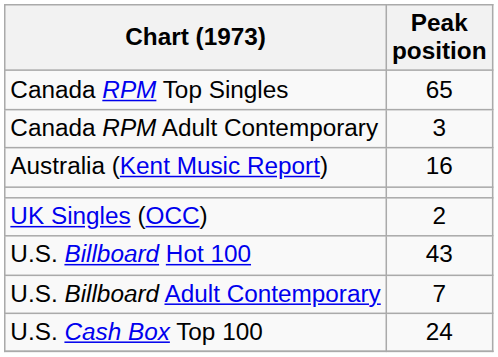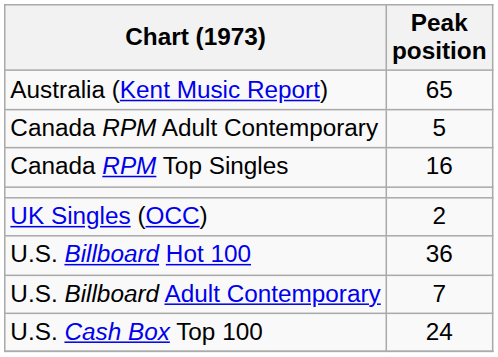 <table class="wikitable sortable">
 <tr>
 <th>Chart (1973)</th>
 <th>Peak<br>position</th>
 </tr>
 <tr>
-<td>Canada <em><a href='#'>RPM</a></em> Top Singles</td>
+<td>Australia (<a href='#'>Kent Music Report</a>)</td>
 <td style="text-align:center;">65</td>
 </tr>
 <tr>
 <td>Canada <em>RPM</em> Adult Contemporary</td>
-<td style="text-align:center;">3</td>
+<td style="text-align:center;">5</td>
 </tr>
 <tr>
-<td>Australia (<a href='#'>Kent Music Report</a>)</td>
+<td>Canada <em><a href='#'>RPM</a></em> Top Singles</td>
 <td style="text-align:center;">16</td>
 </tr>
 <tr>
 <td></td>
 </tr>
 <tr>
 <td><a href='#'>UK Singles</a> (<a href='#'>OCC</a>)</td>
 <td style="text-align:center;">2</td>
 </tr>
 <tr>
 <td>U.S. <em><a href='#'>Billboard</a></em> <a href='#'>Hot 100</a></td>
-<td style="text-align:center;">43</td>
+<td style="text-align:center;">36</td>
 </tr>
 <tr>
 <td>U.S. <em>Billboard</em> <a href='#'>Adult Contemporary</a></td>
 <td style="text-align:center;">7</td>
 </tr>
 <tr>
 <td>U.S. <a href='#'><em>Cash Box</em></a> Top 100</td>
 <td align="center">24</td>
 </tr>
 <tr>
 </tr>
 </table>
